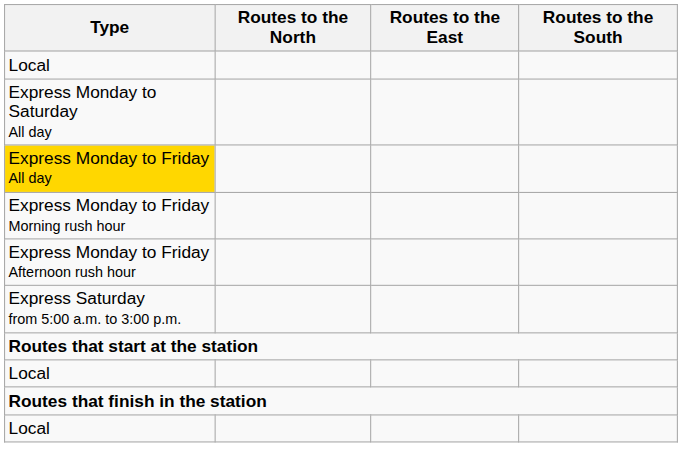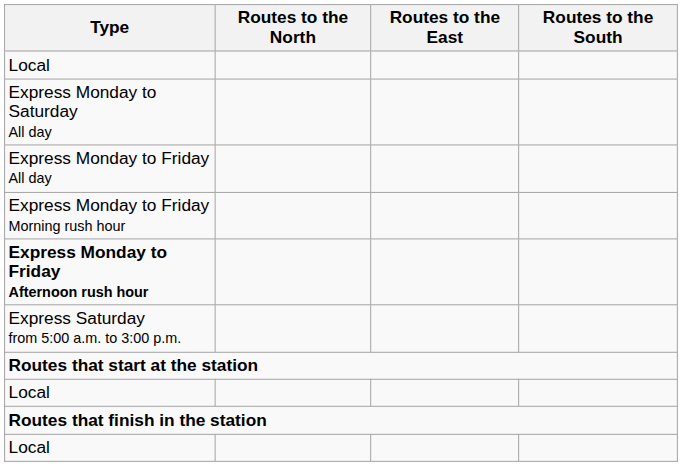 <table class="wikitable" style="margin-left: auto; margin-right: auto; border: none;">
 <tr>
 <th>Type</th>
 <th>Routes to the North</th>
 <th>Routes to the East</th>
 <th>Routes to the South</th>
 </tr>
 <tr>
 <td>Local</td>
 <td></td>
 <td></td>
 <td></td>
 </tr>
 <tr>
 <td>Express Monday to Saturday <br><small>All day</small></td>
 <td></td>
 <td></td>
 <td></td>
 </tr>
 <tr>
-<td style="background: gold;">Express Monday to Friday <br><small>All day</small></td>
+<td>Express Monday to Friday <br><small>All day</small></td>
 <td></td>
 <td></td>
 <td></td>
 </tr>
 <tr>
 <td>Express Monday to Friday <br><small>Morning rush hour</small></td>
 <td></td>
 <td></td>
 <td></td>
 </tr>
 <tr>
-<td>Express Monday to Friday <br><small>Afternoon rush hour</small></td>
+<td><strong>Express Monday to Friday <br><small>Afternoon rush hour</small></strong></td>
 <td></td>
 <td></td>
 <td></td>
 </tr>
 <tr>
 <td>Express Saturday <br><small>from 5:00 a.m. to 3:00 p.m.</small></td>
 <td></td>
 <td></td>
 <td></td>
 </tr>
 <tr>
 <td colspan="8"><strong>Routes that start at the station</strong></td>
 </tr>
 <tr>
 <td>Local</td>
 <td></td>
 <td></td>
 <td></td>
 </tr>
 <tr>
 <td colspan="8"><strong>Routes that finish in the station</strong></td>
 </tr>
 <tr>
 <td>Local</td>
 <td></td>
 <td></td>
 <td></td>
 </tr>
 <tr>
 </tr>
 </table>
